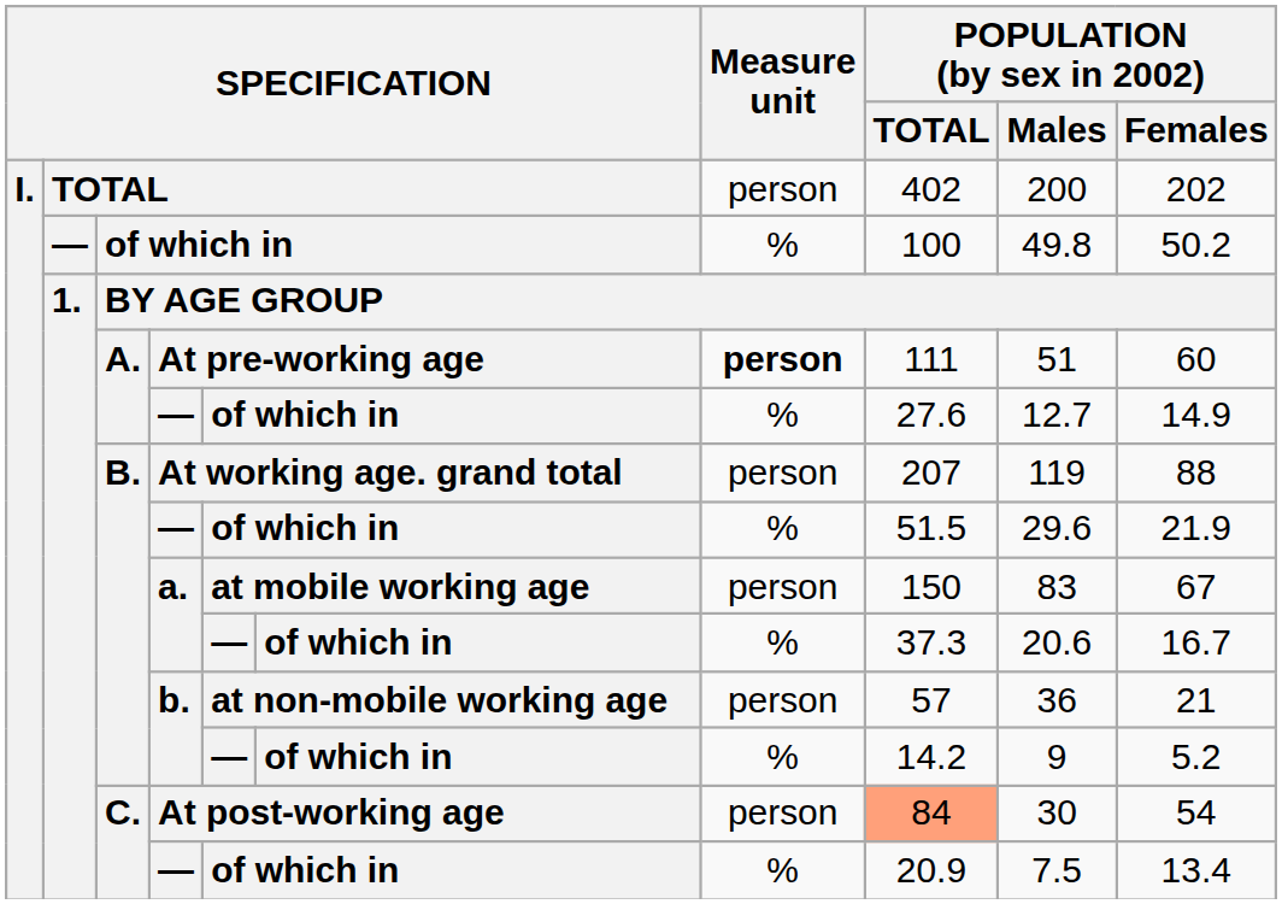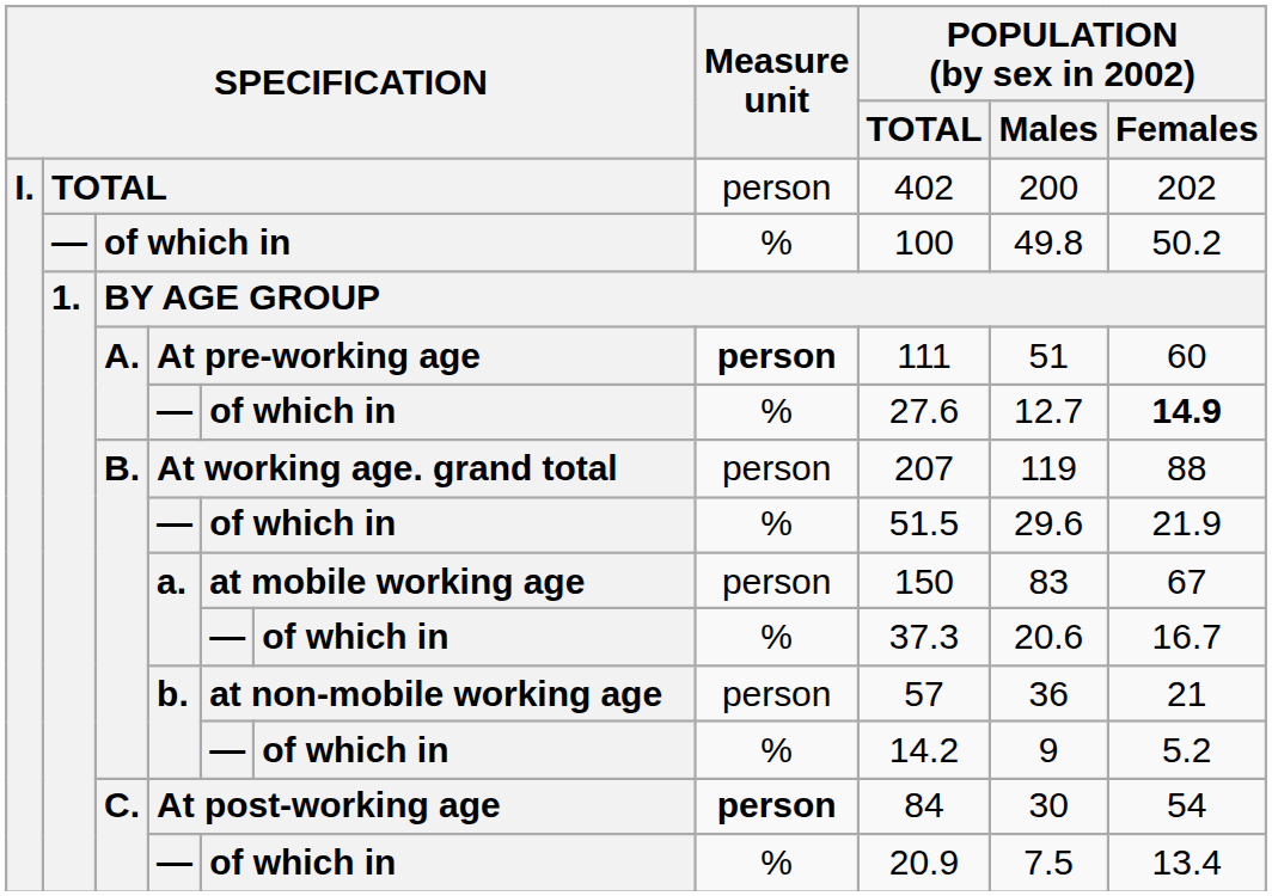 <table class="wikitable" style="font-size:85%; text-align:center">
 <tr>
 <th rowspan="2" colspan="6">SPECIFICATION</th>
 <th rowspan="2">Measure<br> unit</th>
 <th colspan="3" rowspan="1">POPULATION<br> (by sex in 2002)</th>
 </tr>
 <tr>
 <th>TOTAL</th>
 <th>Males</th>
 <th>Females</th>
 </tr>
 <tr>
 <th style="text-align:left" valign="top" rowspan="13">I.</th>
 <th style="text-align:left" colspan="5">TOTAL</th>
 <td>person</td>
 <td>402</td>
 <td>200</td>
 <td>202</td>
 </tr>
 <tr>
 <th style="text-align:left" valign="top">—</th>
 <th style="text-align:left" colspan="4">of which in</th>
 <td>%</td>
 <td>100</td>
 <td>49.8</td>
 <td>50.2</td>
 </tr>
 <tr>
 <th style="text-align:left" valign="top" rowspan="11">1.</th>
 <th style="text-align:left" colspan="19">BY AGE GROUP</th>
 </tr>
 <tr>
 <th style="text-align:left" valign="top" rowspan="2">A.</th>
 <th style="text-align:left" colspan="3">At pre-working age</th>
 <td><strong>person</strong></td>
 <td>111</td>
 <td>51</td>
 <td>60</td>
 </tr>
 <tr>
 <th style="text-align:left" valign="top">—</th>
 <th style="text-align:left" valign="top" colspan="2">of which in</th>
 <td>%</td>
 <td>27.6</td>
 <td>12.7</td>
-<td>14.9</td>
+<td><strong>14.9</strong></td>
 </tr>
 <tr>
 <th style="text-align:left" valign="top" rowspan="6">B.</th>
 <th style="text-align:left" colspan="3">At working age. grand total</th>
 <td>person</td>
 <td>207</td>
 <td>119</td>
 <td>88</td>
 </tr>
 <tr>
 <th style="text-align:left" valign="top">—</th>
 <th style="text-align:left" valign="top" colspan="2">of which in</th>
 <td>%</td>
 <td>51.5</td>
 <td>29.6</td>
 <td>21.9</td>
 </tr>
 <tr>
 <th style="text-align:left" valign="top" rowspan="2">a.</th>
 <th style="text-align:left" colspan="2">at mobile working age</th>
 <td>person</td>
 <td>150</td>
 <td>83</td>
 <td>67</td>
 </tr>
 <tr>
 <th style="text-align:left" valign="top">—</th>
 <th style="text-align:left" valign="top" colspan="1">of which in                        </th>
 <td>%</td>
 <td>37.3</td>
 <td>20.6</td>
 <td>16.7</td>
 </tr>
 <tr>
 <th style="text-align:left" valign="top" rowspan="2">b.</th>
 <th style="text-align:left" colspan="2">at non-mobile working age</th>
 <td>person</td>
 <td>57</td>
 <td>36</td>
 <td>21</td>
 </tr>
 <tr>
 <th style="text-align:left" valign="top">—</th>
 <th style="text-align:left" valign="top" colspan="1">of which in                        </th>
 <td>%</td>
 <td>14.2</td>
 <td>9</td>
 <td>5.2</td>
 </tr>
 <tr>
 <th style="text-align:left" valign="top" rowspan="2">C.</th>
 <th style="text-align:left" colspan="3">At post-working age</th>
-<td>person</td>
-<td style="background: lightsalmon;">84</td>
+<td><strong>person</strong></td>
+<td>84</td>
 <td>30</td>
 <td>54</td>
 </tr>
 <tr>
 <th style="text-align:left" valign="top">—</th>
 <th style="text-align:left" valign="top" colspan="2">of which in</th>
 <td>%</td>
 <td>20.9</td>
 <td>7.5</td>
 <td>13.4</td>
 </tr>
 </table>
